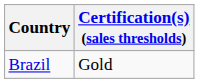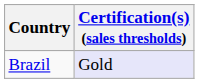 <table class="wikitable">
 <tr>
 <th>Country</th>
 <th><a href='#'>Certification(s)</a><br><small>(<a href='#'>sales thresholds</a>)</small></th>
 </tr>
 <tr>
 <td> <a href='#'>Brazil</a></td>
-<td>Gold</td>
+<td style="background: lavender;">Gold</td>
 </tr>
 </table>
